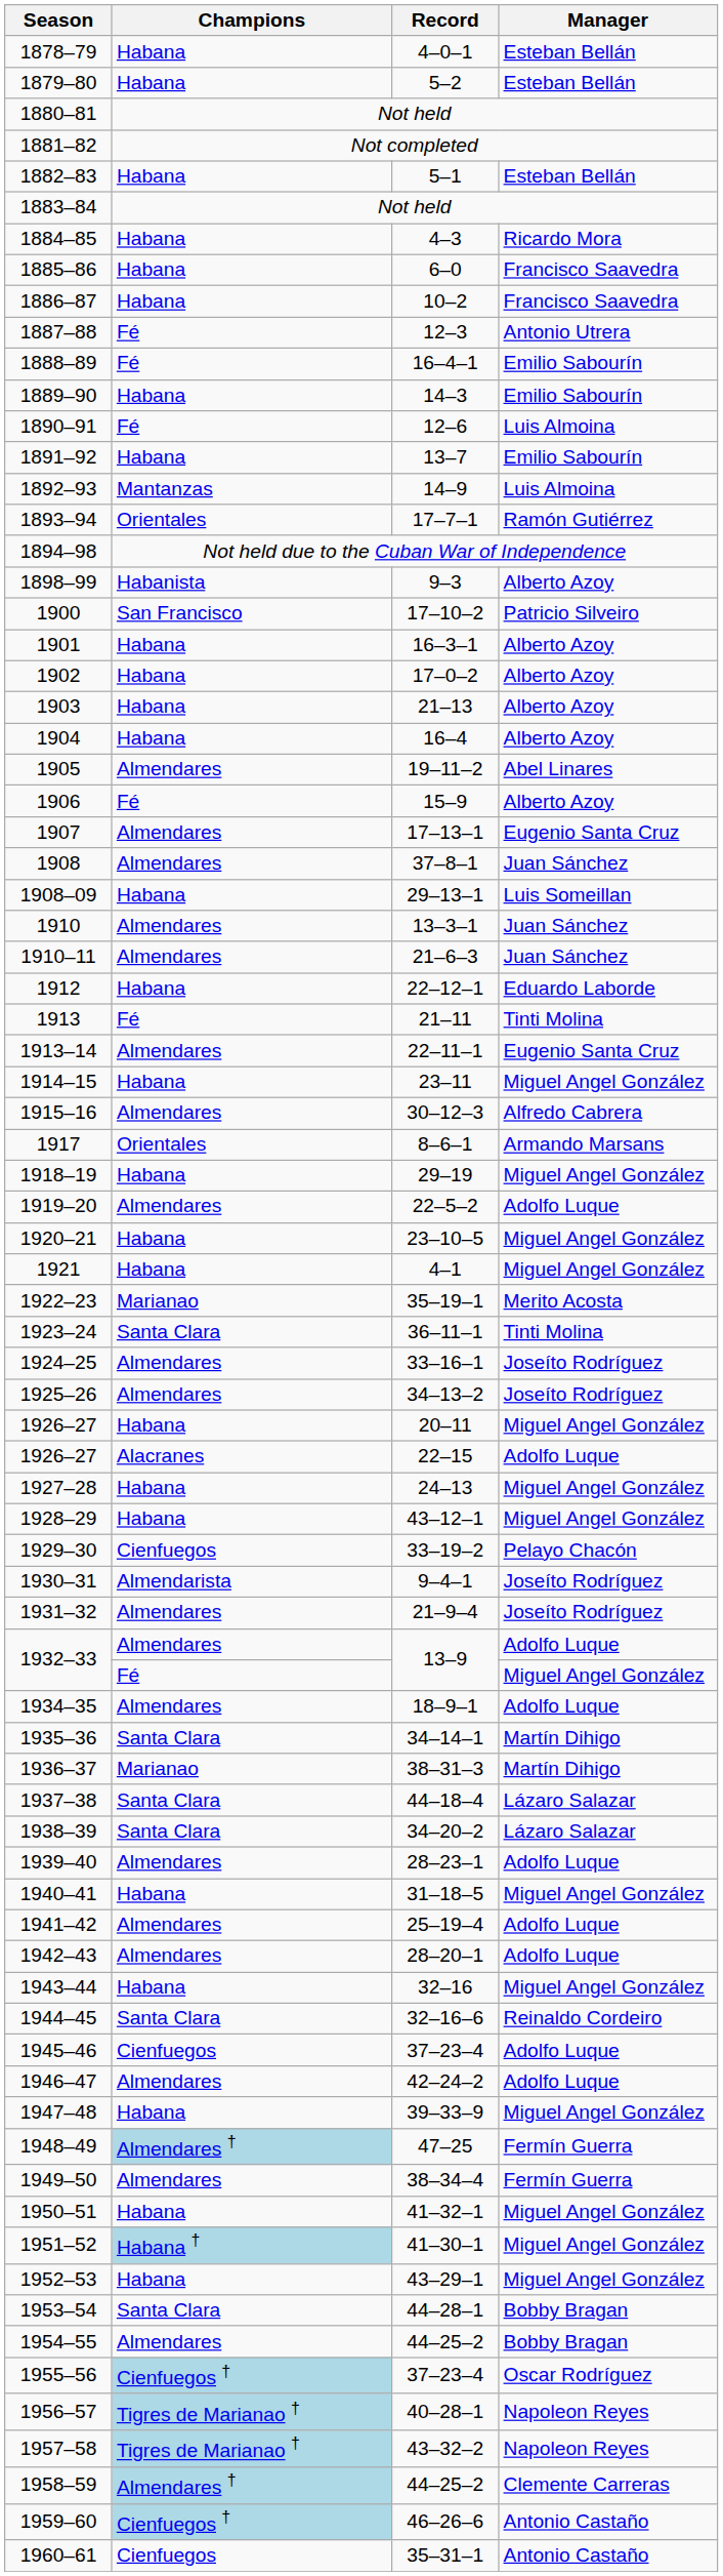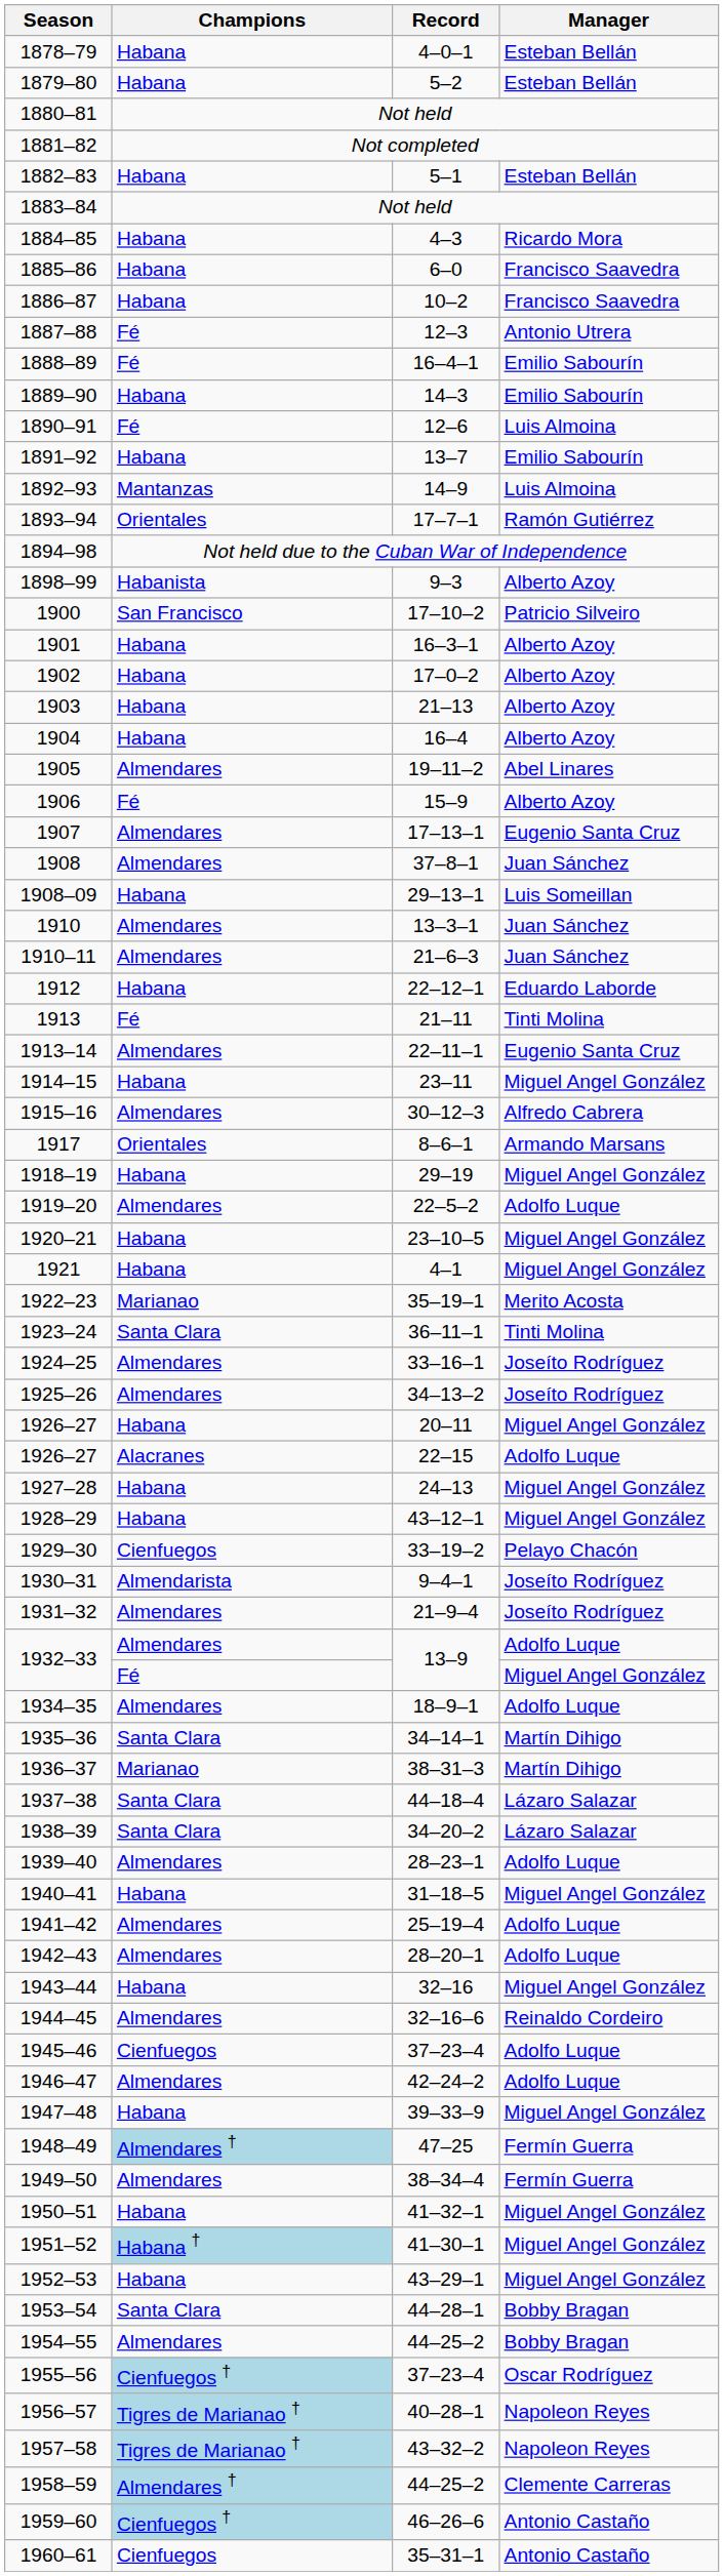 <table class="wikitable sortable">
 <tr>
 <th width="80">Season</th>
 <th width="220">Champions</th>
 <th width="80">Record</th>
 <th width="170">Manager</th>
 </tr>
 <tr>
 <td align="center">1878–79</td>
 <td><a href='#'>Habana</a> </td>
 <td align="center">4–0–1</td>
 <td><a href='#'>Esteban Bellán</a></td>
 </tr>
 <tr>
 <td align="center">1879–80</td>
 <td><a href='#'>Habana</a> </td>
 <td align="center">5–2</td>
 <td><a href='#'>Esteban Bellán</a></td>
 </tr>
 <tr>
 <td align="center">1880–81</td>
 <td colspan="3" align="center"><em>Not held</em></td>
 </tr>
 <tr>
 <td align="center">1881–82</td>
 <td colspan="3" align="center"><em>Not completed</em></td>
 </tr>
 <tr>
 <td align="center">1882–83</td>
 <td><a href='#'>Habana</a> </td>
 <td align="center">5–1</td>
 <td><a href='#'>Esteban Bellán</a></td>
 </tr>
 <tr>
 <td align="center">1883–84</td>
 <td colspan="3" align="center"><em>Not held</em></td>
 </tr>
 <tr>
 <td align="center">1884–85</td>
 <td><a href='#'>Habana</a> </td>
 <td align="center">4–3</td>
 <td><a href='#'>Ricardo Mora</a></td>
 </tr>
 <tr>
 <td align="center">1885–86</td>
 <td><a href='#'>Habana</a> </td>
 <td align="center">6–0</td>
 <td><a href='#'>Francisco Saavedra</a></td>
 </tr>
 <tr>
 <td align="center">1886–87</td>
 <td><a href='#'>Habana</a> </td>
 <td align="center">10–2</td>
 <td><a href='#'>Francisco Saavedra</a></td>
 </tr>
 <tr>
 <td align="center">1887–88</td>
 <td><a href='#'>Fé</a> </td>
 <td align="center">12–3</td>
 <td><a href='#'>Antonio Utrera</a></td>
 </tr>
 <tr>
 <td align="center">1888–89</td>
 <td><a href='#'>Fé</a> </td>
 <td align="center">16–4–1</td>
 <td><a href='#'>Emilio Sabourín</a></td>
 </tr>
 <tr>
 <td align="center">1889–90</td>
 <td><a href='#'>Habana</a> </td>
 <td align="center">14–3</td>
 <td><a href='#'>Emilio Sabourín</a></td>
 </tr>
 <tr>
 <td align="center">1890–91</td>
 <td><a href='#'>Fé</a> </td>
 <td align="center">12–6</td>
 <td><a href='#'>Luis Almoina</a></td>
 </tr>
 <tr>
 <td align="center">1891–92</td>
 <td><a href='#'>Habana</a> </td>
 <td align="center">13–7</td>
 <td><a href='#'>Emilio Sabourín</a></td>
 </tr>
 <tr>
 <td align="center">1892–93</td>
 <td><a href='#'>Mantanzas</a> </td>
 <td align="center">14–9</td>
 <td><a href='#'>Luis Almoina</a></td>
 </tr>
 <tr>
 <td align="center">1893–94</td>
 <td><a href='#'>Orientales</a> </td>
 <td align="center">17–7–1</td>
 <td><a href='#'>Ramón Gutiérrez</a></td>
 </tr>
 <tr>
 <td align="center">1894–98</td>
 <td colspan="3" align="center"><em>Not held due to the <a href='#'>Cuban War of Independence</a></em></td>
 </tr>
 <tr>
 <td align="center">1898–99</td>
 <td><a href='#'>Habanista</a> </td>
 <td align="center">9–3</td>
 <td><a href='#'>Alberto Azoy</a></td>
 </tr>
 <tr>
 <td align="center">1900</td>
 <td><a href='#'>San Francisco</a> </td>
 <td align="center">17–10–2</td>
 <td><a href='#'>Patricio Silveiro</a></td>
 </tr>
 <tr>
 <td align="center">1901</td>
 <td><a href='#'>Habana</a> </td>
 <td align="center">16–3–1</td>
 <td><a href='#'>Alberto Azoy</a></td>
 </tr>
 <tr>
 <td align="center">1902</td>
 <td><a href='#'>Habana</a> </td>
 <td align="center">17–0–2</td>
 <td><a href='#'>Alberto Azoy</a></td>
 </tr>
 <tr>
 <td align="center">1903</td>
 <td><a href='#'>Habana</a> </td>
 <td align="center">21–13</td>
 <td><a href='#'>Alberto Azoy</a></td>
 </tr>
 <tr>
 <td align="center">1904</td>
 <td><a href='#'>Habana</a> </td>
 <td align="center">16–4</td>
 <td><a href='#'>Alberto Azoy</a></td>
 </tr>
 <tr>
 <td align="center">1905</td>
 <td><a href='#'>Almendares</a> </td>
 <td align="center">19–11–2</td>
 <td><a href='#'>Abel Linares</a></td>
 </tr>
 <tr>
 <td align="center">1906</td>
 <td><a href='#'>Fé</a> </td>
 <td align="center">15–9</td>
 <td><a href='#'>Alberto Azoy</a></td>
 </tr>
 <tr>
 <td align="center">1907</td>
 <td><a href='#'>Almendares</a> </td>
 <td align="center">17–13–1</td>
 <td><a href='#'>Eugenio Santa Cruz</a></td>
 </tr>
 <tr>
 <td align="center">1908</td>
 <td><a href='#'>Almendares</a> </td>
 <td align="center">37–8–1</td>
 <td><a href='#'>Juan Sánchez</a></td>
 </tr>
 <tr>
 <td align="center">1908–09</td>
 <td><a href='#'>Habana</a> </td>
 <td align="center">29–13–1</td>
 <td><a href='#'>Luis Someillan</a></td>
 </tr>
 <tr>
 <td align="center">1910</td>
 <td><a href='#'>Almendares</a> </td>
 <td align="center">13–3–1</td>
 <td><a href='#'>Juan Sánchez</a></td>
 </tr>
 <tr>
 <td align="center">1910–11</td>
 <td><a href='#'>Almendares</a> </td>
 <td align="center">21–6–3</td>
 <td><a href='#'>Juan Sánchez</a></td>
 </tr>
 <tr>
 <td align="center">1912</td>
 <td><a href='#'>Habana</a> </td>
 <td align="center">22–12–1</td>
 <td><a href='#'>Eduardo Laborde</a></td>
 </tr>
 <tr>
 <td align="center">1913</td>
 <td><a href='#'>Fé</a> </td>
 <td align="center">21–11</td>
 <td><a href='#'>Tinti Molina</a></td>
 </tr>
 <tr>
 <td align="center">1913–14</td>
 <td><a href='#'>Almendares</a> </td>
 <td align="center">22–11–1</td>
 <td><a href='#'>Eugenio Santa Cruz</a></td>
 </tr>
 <tr>
 <td align="center">1914–15</td>
 <td><a href='#'>Habana</a> </td>
 <td align="center">23–11</td>
 <td><a href='#'>Miguel Angel González</a></td>
 </tr>
 <tr>
 <td align="center">1915–16</td>
 <td><a href='#'>Almendares</a> </td>
 <td align="center">30–12–3</td>
 <td><a href='#'>Alfredo Cabrera</a></td>
 </tr>
 <tr>
 <td align="center">1917</td>
 <td><a href='#'>Orientales</a> </td>
 <td align="center">8–6–1</td>
 <td><a href='#'>Armando Marsans</a></td>
 </tr>
 <tr>
 <td align="center">1918–19</td>
 <td><a href='#'>Habana</a> </td>
 <td align="center">29–19</td>
 <td><a href='#'>Miguel Angel González</a></td>
 </tr>
 <tr>
 <td align="center">1919–20</td>
 <td><a href='#'>Almendares</a> </td>
 <td align="center">22–5–2</td>
 <td><a href='#'>Adolfo Luque</a></td>
 </tr>
 <tr>
 <td align="center">1920–21</td>
 <td><a href='#'>Habana</a> </td>
 <td align="center">23–10–5</td>
 <td><a href='#'>Miguel Angel González</a></td>
 </tr>
 <tr>
 <td align="center">1921</td>
 <td><a href='#'>Habana</a> </td>
 <td align="center">4–1</td>
 <td><a href='#'>Miguel Angel González</a></td>
 </tr>
 <tr>
 <td align="center">1922–23</td>
 <td><a href='#'>Marianao</a> </td>
 <td align="center">35–19–1</td>
 <td><a href='#'>Merito Acosta</a></td>
 </tr>
 <tr>
 <td align="center">1923–24</td>
 <td><a href='#'>Santa Clara</a> </td>
 <td align="center">36–11–1</td>
 <td><a href='#'>Tinti Molina</a></td>
 </tr>
 <tr>
 <td align="center">1924–25</td>
 <td><a href='#'>Almendares</a> </td>
 <td align="center">33–16–1</td>
 <td><a href='#'>Joseíto Rodríguez</a></td>
 </tr>
 <tr>
 <td align="center">1925–26</td>
 <td><a href='#'>Almendares</a> </td>
 <td align="center">34–13–2</td>
 <td><a href='#'>Joseíto Rodríguez</a></td>
 </tr>
 <tr>
 <td align="center">1926–27</td>
 <td><a href='#'>Habana</a> </td>
 <td align="center">20–11</td>
 <td><a href='#'>Miguel Angel González</a></td>
 </tr>
 <tr>
 <td align="center">1926–27 </td>
 <td><a href='#'>Alacranes</a> </td>
 <td align="center">22–15</td>
 <td><a href='#'>Adolfo Luque</a></td>
 </tr>
 <tr>
 <td align="center">1927–28</td>
 <td><a href='#'>Habana</a> </td>
 <td align="center">24–13</td>
 <td><a href='#'>Miguel Angel González</a></td>
 </tr>
 <tr>
 <td align="center">1928–29</td>
 <td><a href='#'>Habana</a> </td>
 <td align="center">43–12–1</td>
 <td><a href='#'>Miguel Angel González</a></td>
 </tr>
 <tr>
 <td align="center">1929–30</td>
 <td><a href='#'>Cienfuegos</a></td>
 <td align="center">33–19–2</td>
 <td><a href='#'>Pelayo Chacón</a></td>
 </tr>
 <tr>
 <td align="center">1930–31 </td>
 <td><a href='#'>Almendarista</a> </td>
 <td align="center">9–4–1</td>
 <td><a href='#'>Joseíto Rodríguez</a></td>
 </tr>
 <tr>
 <td align="center">1931–32</td>
 <td><a href='#'>Almendares</a> </td>
 <td align="center">21–9–4</td>
 <td><a href='#'>Joseíto Rodríguez</a></td>
 </tr>
 <tr>
 <td align="center" rowspan=2>1932–33</td>
 <td><a href='#'>Almendares</a> </td>
 <td align="center" rowspan=2>13–9</td>
 <td><a href='#'>Adolfo Luque</a></td>
 </tr>
 <tr>
 <td><a href='#'>Fé</a> </td>
 <td><a href='#'>Miguel Angel González</a></td>
 </tr>
 <tr>
 <td align="center">1934–35</td>
 <td><a href='#'>Almendares</a> </td>
 <td align="center">18–9–1</td>
 <td><a href='#'>Adolfo Luque</a></td>
 </tr>
 <tr>
 <td align="center">1935–36</td>
 <td><a href='#'>Santa Clara</a> </td>
 <td align="center">34–14–1</td>
 <td><a href='#'>Martín Dihigo</a></td>
 </tr>
 <tr>
 <td align="center">1936–37</td>
 <td><a href='#'>Marianao</a> </td>
 <td align="center">38–31–3</td>
 <td><a href='#'>Martín Dihigo</a></td>
 </tr>
 <tr>
 <td align="center">1937–38</td>
 <td><a href='#'>Santa Clara</a> </td>
 <td align="center">44–18–4</td>
 <td><a href='#'>Lázaro Salazar</a></td>
 </tr>
 <tr>
 <td align="center">1938–39</td>
 <td><a href='#'>Santa Clara</a> </td>
 <td align="center">34–20–2</td>
 <td><a href='#'>Lázaro Salazar</a></td>
 </tr>
 <tr>
 <td align="center">1939–40</td>
 <td><a href='#'>Almendares</a> </td>
 <td align="center">28–23–1</td>
 <td><a href='#'>Adolfo Luque</a></td>
 </tr>
 <tr>
 <td align="center">1940–41</td>
 <td><a href='#'>Habana</a> </td>
 <td align="center">31–18–5</td>
 <td><a href='#'>Miguel Angel González</a></td>
 </tr>
 <tr>
 <td align="center">1941–42</td>
 <td><a href='#'>Almendares</a> </td>
 <td align="center">25–19–4</td>
 <td><a href='#'>Adolfo Luque</a></td>
 </tr>
 <tr>
 <td align="center">1942–43</td>
 <td><a href='#'>Almendares</a> </td>
 <td align="center">28–20–1</td>
 <td><a href='#'>Adolfo Luque</a></td>
 </tr>
 <tr>
 <td align="center">1943–44</td>
 <td><a href='#'>Habana</a> </td>
 <td align="center">32–16</td>
 <td><a href='#'>Miguel Angel González</a></td>
 </tr>
 <tr>
 <td align="center">1944–45</td>
-<td><a href='#'>Santa Clara</a> </td>
+<td><a href='#'>Almendares</a> </td>
 <td align="center">32–16–6</td>
 <td><a href='#'>Reinaldo Cordeiro</a></td>
 </tr>
 <tr>
 <td align="center">1945–46</td>
 <td><a href='#'>Cienfuegos</a> </td>
 <td align="center">37–23–4</td>
 <td><a href='#'>Adolfo Luque</a></td>
 </tr>
 <tr>
 <td align="center">1946–47</td>
 <td><a href='#'>Almendares</a> </td>
 <td align="center">42–24–2</td>
 <td><a href='#'>Adolfo Luque</a></td>
 </tr>
 <tr>
 <td align="center">1947–48</td>
 <td><a href='#'>Habana</a> </td>
 <td align="center">39–33–9</td>
 <td><a href='#'>Miguel Angel González</a></td>
 </tr>
 <tr>
 <td align="center">1948–49</td>
 <td style="background-color:#add8e6"><a href='#'>Almendares</a>  <sup>†</sup></td>
 <td align="center">47–25</td>
 <td><a href='#'>Fermín Guerra</a></td>
 </tr>
 <tr>
 <td align="center">1949–50</td>
 <td><a href='#'>Almendares</a> </td>
 <td align="center">38–34–4</td>
 <td><a href='#'>Fermín Guerra</a></td>
 </tr>
 <tr>
 <td align="center">1950–51</td>
 <td><a href='#'>Habana</a> </td>
 <td align="center">41–32–1</td>
 <td><a href='#'>Miguel Angel González</a></td>
 </tr>
 <tr>
 <td align="center">1951–52</td>
 <td style="background-color:#add8e6"><a href='#'>Habana</a>  <sup>†</sup></td>
 <td align="center">41–30–1</td>
 <td><a href='#'>Miguel Angel González</a></td>
 </tr>
 <tr>
 <td align="center">1952–53</td>
 <td><a href='#'>Habana</a> </td>
 <td align="center">43–29–1</td>
 <td><a href='#'>Miguel Angel González</a></td>
 </tr>
 <tr>
 <td align="center">1953–54</td>
 <td><a href='#'>Santa Clara</a> </td>
 <td align="center">44–28–1</td>
 <td><a href='#'>Bobby Bragan</a></td>
 </tr>
 <tr>
 <td align="center">1954–55</td>
 <td><a href='#'>Almendares</a> </td>
 <td align="center">44–25–2</td>
 <td><a href='#'>Bobby Bragan</a></td>
 </tr>
 <tr>
 <td align="center">1955–56</td>
 <td style="background-color:#add8e6"><a href='#'>Cienfuegos</a>  <sup>†</sup></td>
 <td align="center">37–23–4</td>
 <td><a href='#'>Oscar Rodríguez</a></td>
 </tr>
 <tr>
 <td align="center">1956–57</td>
 <td style="background-color:#add8e6"><a href='#'>Tigres de Marianao</a>  <sup>†</sup></td>
 <td align="center">40–28–1</td>
 <td><a href='#'>Napoleon Reyes</a></td>
 </tr>
 <tr>
 <td align="center">1957–58</td>
 <td style="background-color:#add8e6"><a href='#'>Tigres de Marianao</a>  <sup>†</sup></td>
 <td align="center">43–32–2</td>
 <td><a href='#'>Napoleon Reyes</a></td>
 </tr>
 <tr>
 <td align="center">1958–59</td>
 <td style="background-color:#add8e6"><a href='#'>Almendares</a>  <sup>†</sup></td>
 <td align="center">44–25–2</td>
 <td><a href='#'>Clemente Carreras</a></td>
 </tr>
 <tr>
 <td align="center">1959–60</td>
 <td style="background-color:#add8e6"><a href='#'>Cienfuegos</a>  <sup>†</sup></td>
 <td align="center">46–26–6</td>
 <td><a href='#'>Antonio Castaño</a></td>
 </tr>
 <tr>
 <td align="center">1960–61</td>
 <td><a href='#'>Cienfuegos</a> </td>
 <td align="center">35–31–1</td>
 <td><a href='#'>Antonio Castaño</a></td>
 </tr>
 </table>
